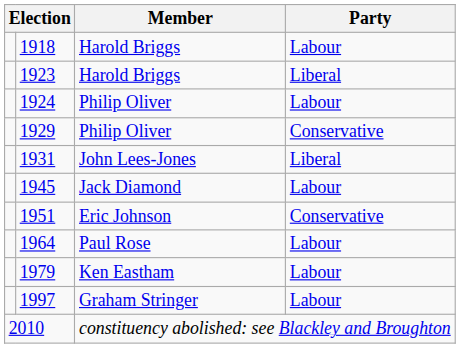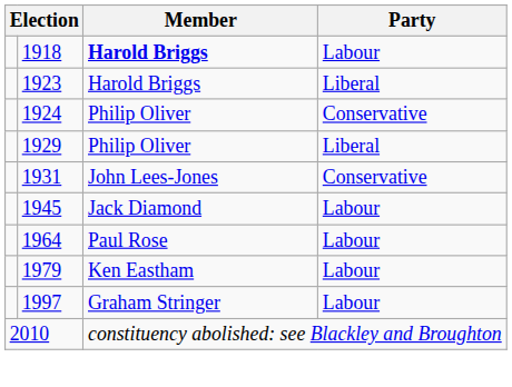 <table class="wikitable">
 <tr>
 <th colspan="2">Election</th>
 <th>Member</th>
 <th>Party</th>
 </tr>
 <tr>
 <td style="color:inherit;background-color: "></td>
 <td><a href='#'>1918</a></td>
-<td><a href='#'>Harold Briggs</a></td>
+<td><strong><a href='#'>Harold Briggs</a></strong></td>
 <td><a href='#'>Labour</a></td>
 </tr>
 <tr>
 <td style="color:inherit;background-color: "></td>
 <td><a href='#'>1923</a></td>
 <td><a href='#'>Harold Briggs</a></td>
 <td><a href='#'>Liberal</a></td>
 </tr>
 <tr>
 <td style="color:inherit;background-color: "></td>
 <td><a href='#'>1924</a></td>
 <td><a href='#'>Philip Oliver</a></td>
-<td><a href='#'>Labour</a></td>
+<td><a href='#'>Conservative</a></td>
 </tr>
 <tr>
 <td style="color:inherit;background-color: "></td>
 <td><a href='#'>1929</a></td>
 <td><a href='#'>Philip Oliver</a></td>
-<td><a href='#'>Conservative</a></td>
+<td><a href='#'>Liberal</a></td>
 </tr>
 <tr>
 <td style="color:inherit;background-color: "></td>
 <td><a href='#'>1931</a></td>
 <td><a href='#'>John Lees-Jones</a></td>
-<td><a href='#'>Liberal</a></td>
+<td><a href='#'>Conservative</a></td>
 </tr>
 <tr>
 <td style="color:inherit;background-color: "></td>
 <td><a href='#'>1945</a></td>
 <td><a href='#'>Jack Diamond</a></td>
 <td><a href='#'>Labour</a></td>
-</tr>
-<tr>
-<td style="color:inherit;background-color: "></td>
-<td><a href='#'>1951</a></td>
-<td><a href='#'>Eric Johnson</a></td>
-<td><a href='#'>Conservative</a></td>
 </tr>
 <tr>
 <td style="color:inherit;background-color: "></td>
 <td><a href='#'>1964</a></td>
 <td><a href='#'>Paul Rose</a></td>
 <td><a href='#'>Labour</a></td>
 </tr>
 <tr>
 <td style="color:inherit;background-color: "></td>
 <td><a href='#'>1979</a></td>
 <td><a href='#'>Ken Eastham</a></td>
 <td><a href='#'>Labour</a></td>
 </tr>
 <tr>
 <td style="color:inherit;background-color: "></td>
 <td><a href='#'>1997</a></td>
 <td><a href='#'>Graham Stringer</a></td>
 <td><a href='#'>Labour</a></td>
 </tr>
 <tr>
 <td colspan="2"><a href='#'>2010</a></td>
 <td colspan="2"><em>constituency abolished: see <a href='#'>Blackley and Broughton</a></em></td>
 </tr>
 </table>
